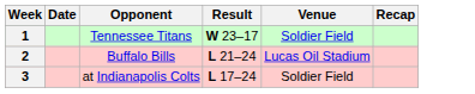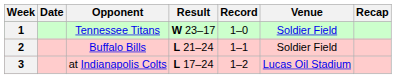 <table class="wikitable" style="text-align:center">
 <tr>
 <th>Week</th>
 <th>Date</th>
 <th>Opponent</th>
 <th>Result</th>
+<th>Record</th>
 <th>Venue</th>
 <th>Recap</th>
 </tr>
 <tr style="background:#cfc">
 <th>1</th>
 <td></td>
 <td><a href='#'>Tennessee Titans</a></td>
 <td><strong>W</strong> 23–17</td>
+<td>1–0</td>
 <td><a href='#'>Soldier Field</a></td>
 <td></td>
 </tr>
 <tr style="background:#fcc">
 <th>2</th>
 <td></td>
 <td><a href='#'>Buffalo Bills</a></td>
 <td><strong>L</strong> 21–24</td>
-<td><a href='#'>Lucas Oil Stadium</a></td>
+<td>1–1</td>
+<td>Soldier Field</td>
 <td></td>
 </tr>
 <tr style="background:#fcc">
 <th>3</th>
 <td></td>
 <td>at <a href='#'>Indianapolis Colts</a></td>
 <td><strong>L</strong> 17–24</td>
-<td>Soldier Field</td>
+<td>1–2</td>
+<td><a href='#'>Lucas Oil Stadium</a></td>
 <td></td>
 </tr>
 </table>
